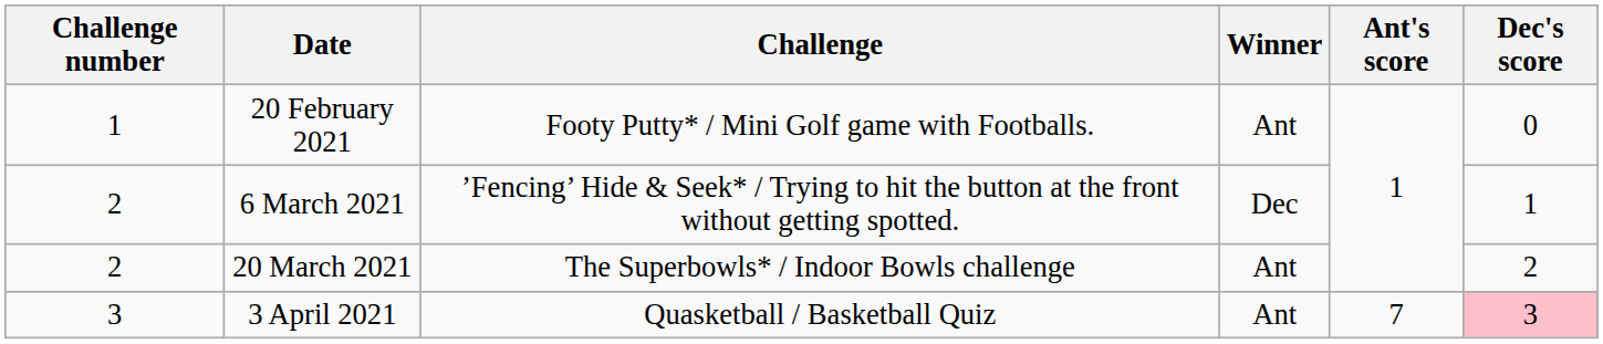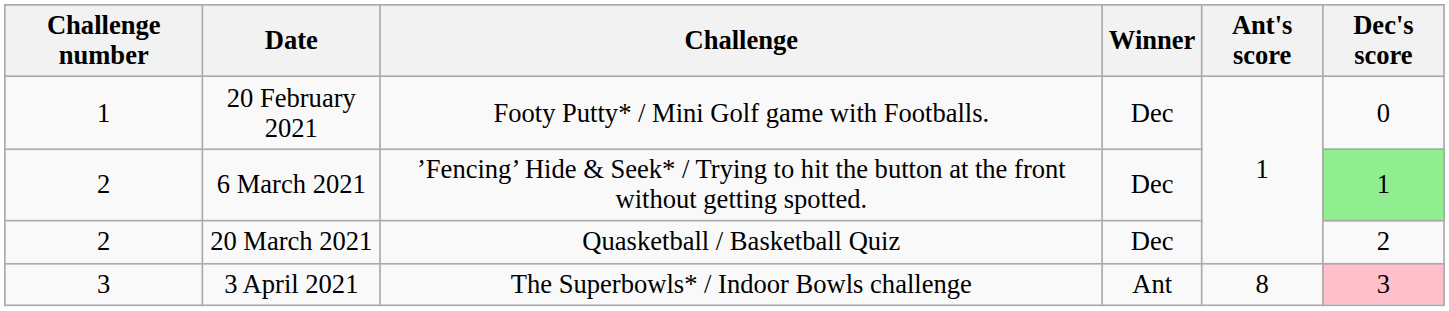 <table class="wikitable" style="text-align:center">
 <tr>
 <th>Challenge number</th>
 <th>Date</th>
 <th>Challenge</th>
 <th>Winner</th>
 <th>Ant's score</th>
 <th>Dec's score</th>
 </tr>
 <tr>
 <td>1</td>
 <td>20 February 2021</td>
 <td>Footy Putty* / Mini Golf game with Footballs.</td>
-<td>Ant</td>
+<td>Dec</td>
 <td rowspan="3”">1</td>
 <td>0</td>
 </tr>
 <tr>
 <td>2</td>
 <td>6 March 2021</td>
 <td>’Fencing’ Hide & Seek* / Trying to hit the button at the front without getting spotted.</td>
 <td>Dec</td>
-<td>1</td>
+<td style="background: lightgreen;">1</td>
 </tr>
 <tr>
 <td>2</td>
 <td>20 March 2021</td>
-<td>The Superbowls* / Indoor Bowls challenge</td>
-<td>Ant</td>
+<td>Quasketball / Basketball Quiz</td>
+<td>Dec</td>
 <td>2</td>
 </tr>
 <tr>
 <td>3</td>
 <td>3 April 2021</td>
-<td>Quasketball / Basketball Quiz</td>
+<td>The Superbowls* / Indoor Bowls challenge</td>
 <td>Ant</td>
-<td>7</td>
+<td>8</td>
 <td style="background: pink;">3</td>
 </tr>
 </table>
